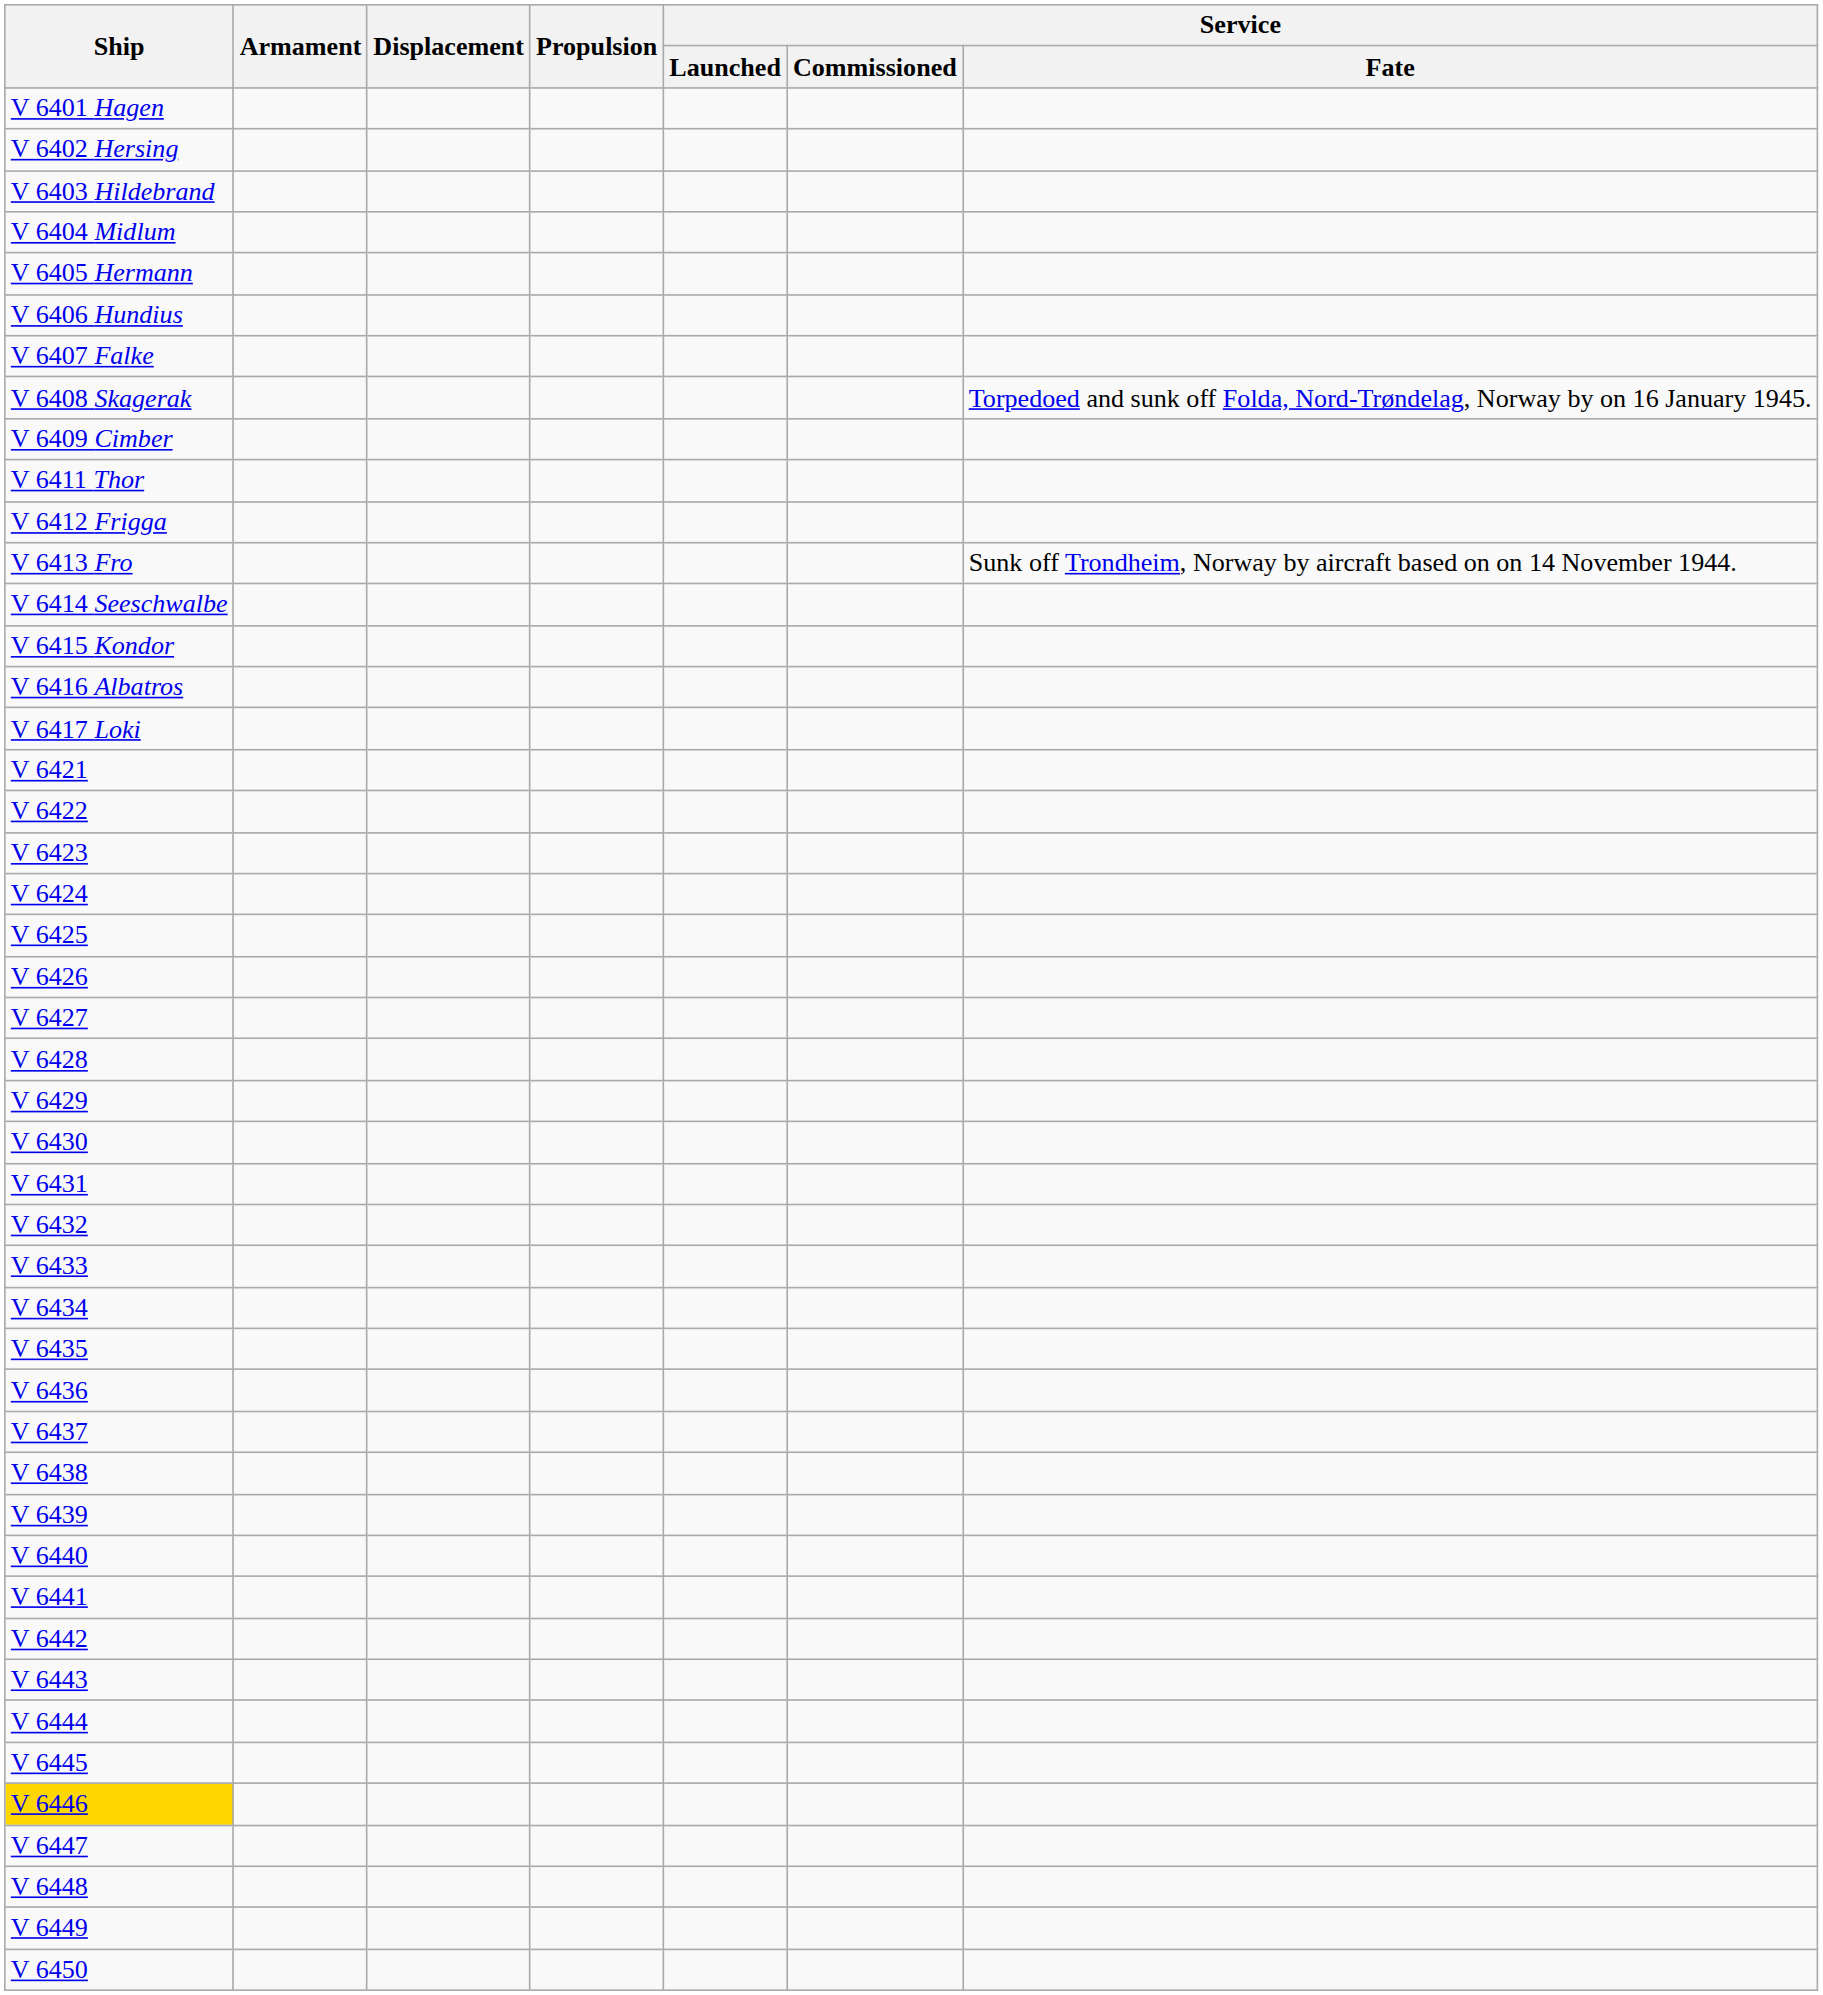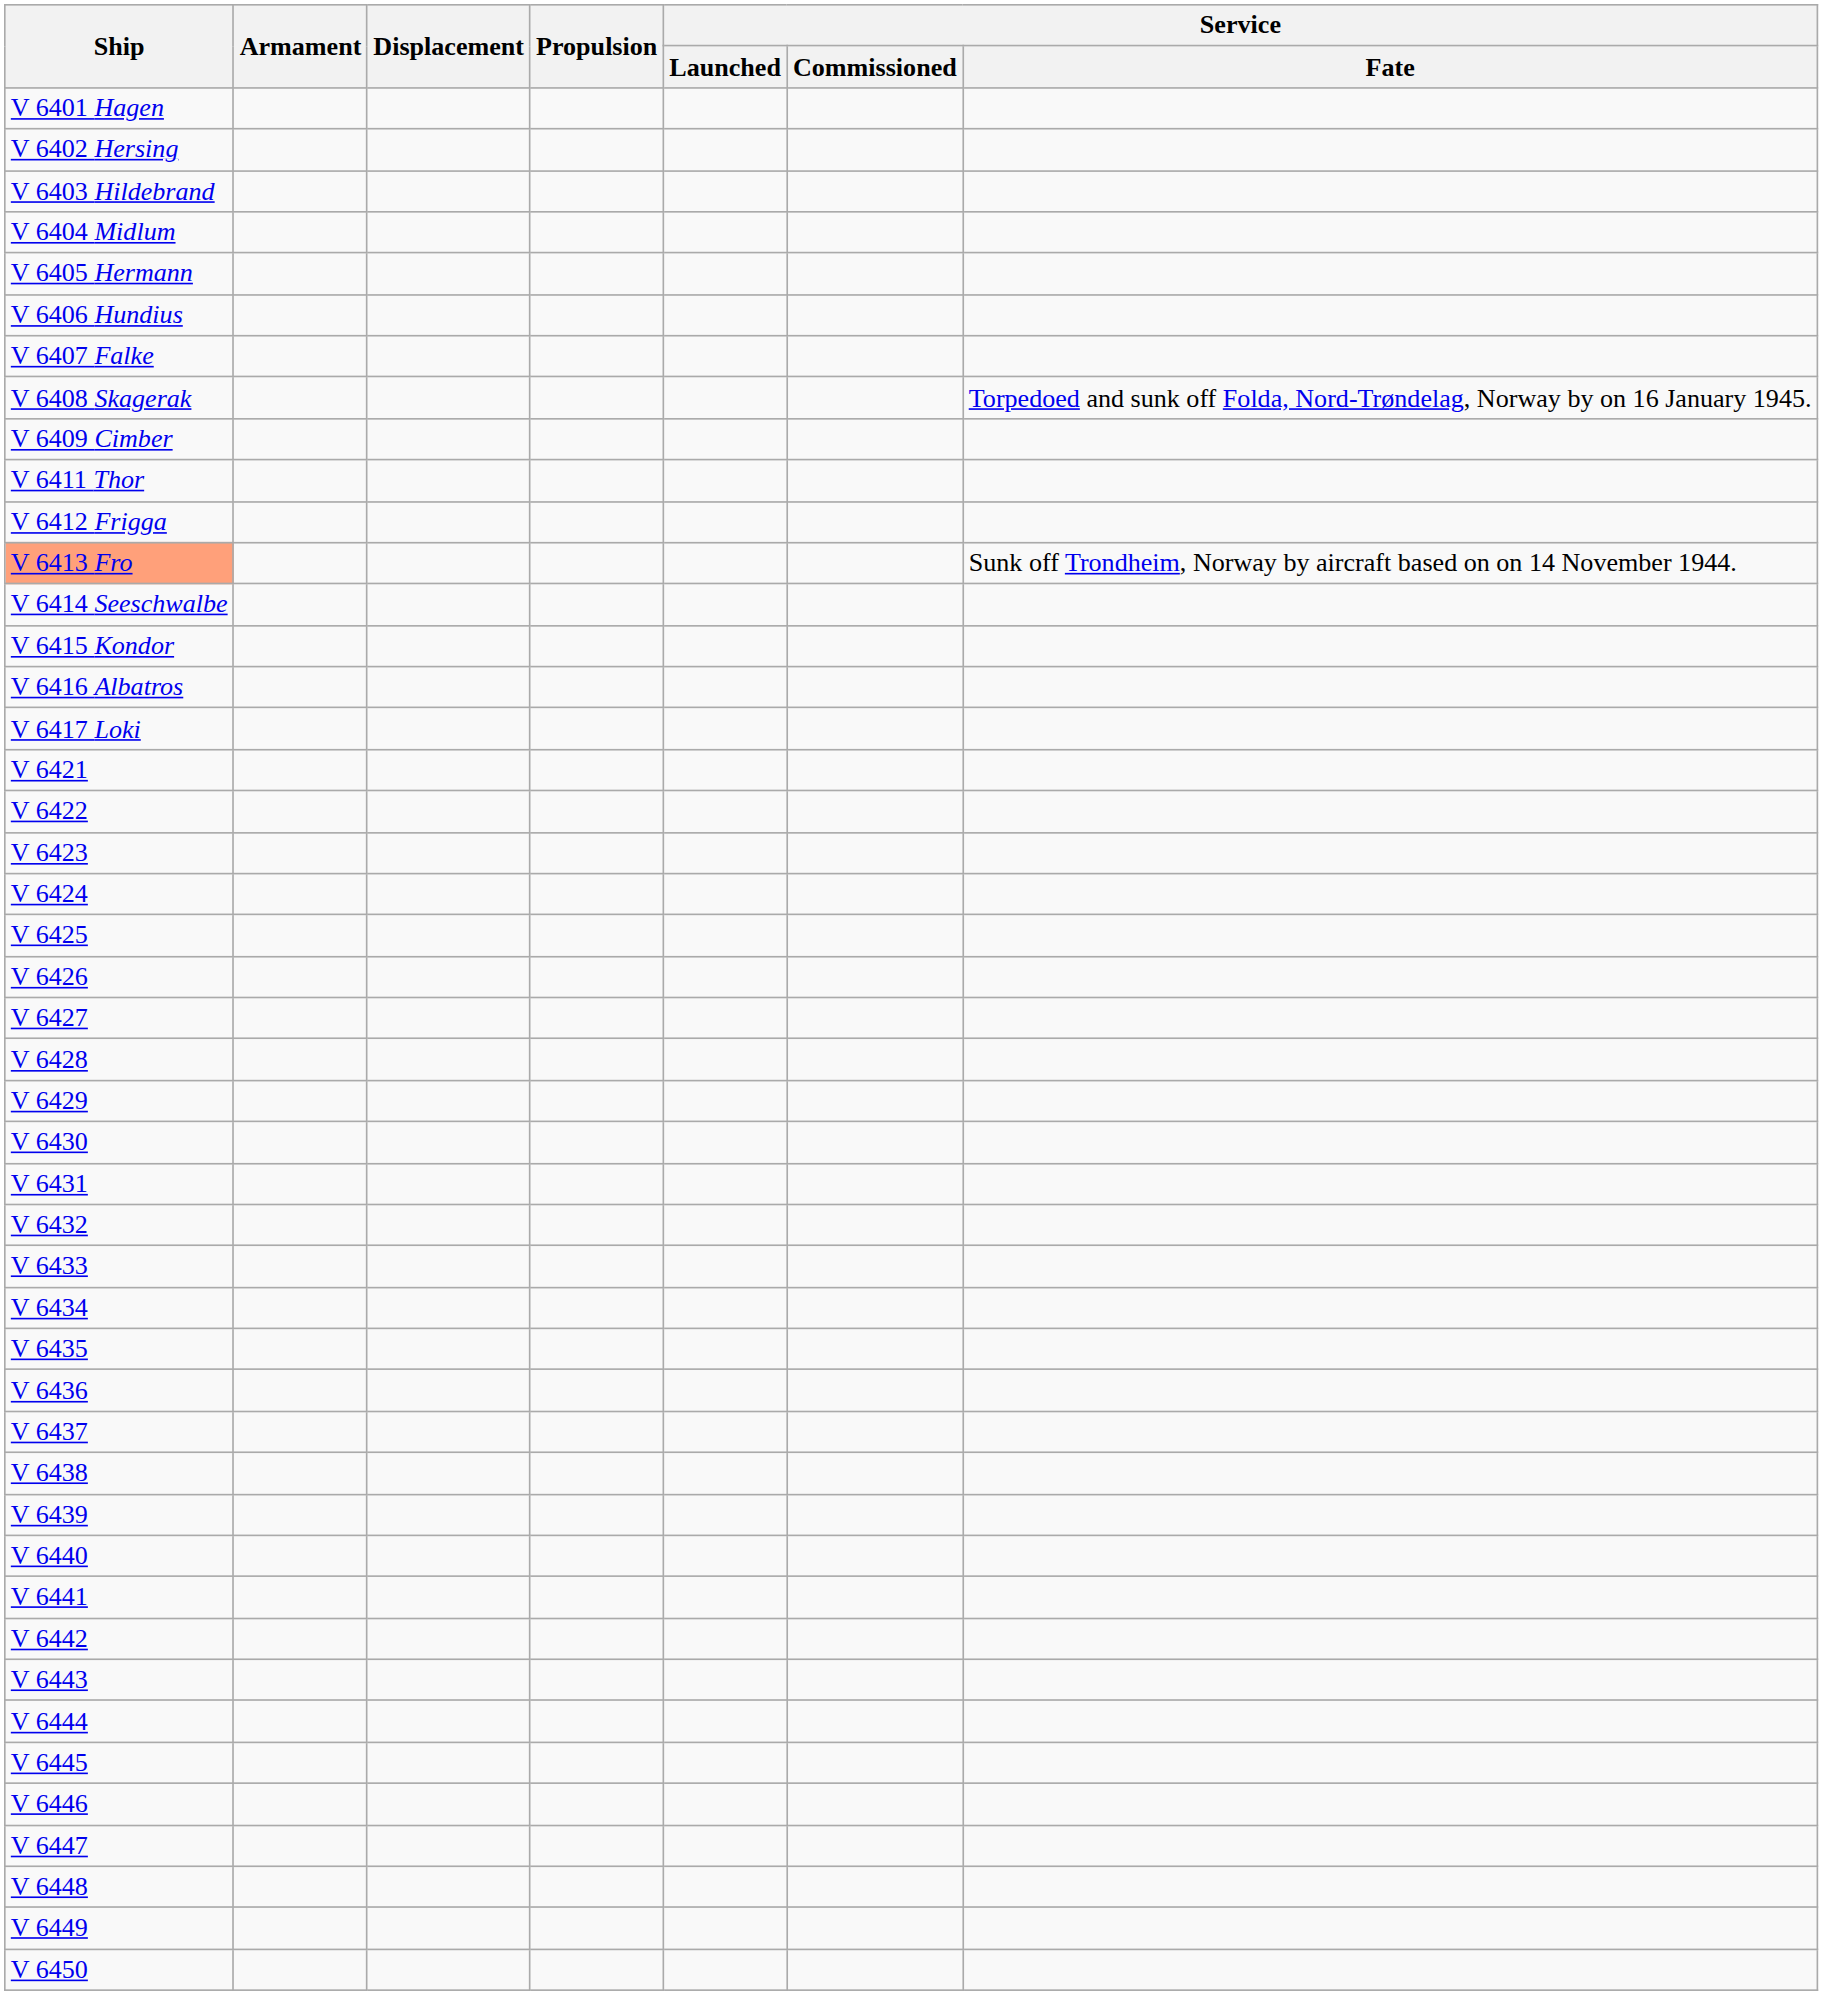 <table class="wikitable">
 <tr>
 <th rowspan="2">Ship</th>
 <th rowspan="2">Armament</th>
 <th rowspan="2">Displacement</th>
 <th rowspan="2">Propulsion</th>
 <th colspan="3">Service</th>
 </tr>
 <tr>
 <th>Launched</th>
 <th>Commissioned</th>
 <th>Fate</th>
 </tr>
 <tr>
 <td><a href='#'>V 6401 <em>Hagen</em></a></td>
 <td></td>
 <td></td>
 <td></td>
 <td></td>
 <td></td>
 <td></td>
 </tr>
 <tr>
 <td><a href='#'>V 6402 <em>Hersing</em></a></td>
 <td></td>
 <td></td>
 <td></td>
 <td></td>
 <td></td>
 <td></td>
 </tr>
 <tr>
 <td><a href='#'>V 6403 <em>Hildebrand</em></a></td>
 <td></td>
 <td></td>
 <td></td>
 <td></td>
 <td></td>
 <td></td>
 </tr>
 <tr>
 <td><a href='#'>V 6404 <em>Midlum</em></a></td>
 <td></td>
 <td></td>
 <td></td>
 <td></td>
 <td></td>
 <td></td>
 </tr>
 <tr>
 <td><a href='#'>V 6405 <em>Hermann</em></a></td>
 <td></td>
 <td></td>
 <td></td>
 <td></td>
 <td></td>
 <td></td>
 </tr>
 <tr>
 <td><a href='#'>V 6406 <em>Hundius</em></a></td>
 <td></td>
 <td></td>
 <td></td>
 <td></td>
 <td></td>
 <td></td>
 </tr>
 <tr>
 <td><a href='#'>V 6407 <em>Falke</em></a></td>
 <td></td>
 <td></td>
 <td></td>
 <td></td>
 <td></td>
 <td></td>
 </tr>
 <tr>
 <td><a href='#'>V 6408 <em>Skagerak</em></a></td>
 <td></td>
 <td></td>
 <td></td>
 <td></td>
 <td></td>
 <td><a href='#'>Torpedoed</a> and sunk off <a href='#'>Folda, Nord-Trøndelag</a>, Norway by  on 16 January 1945.</td>
 </tr>
 <tr>
 <td><a href='#'>V 6409 <em>Cimber</em></a></td>
 <td></td>
 <td></td>
 <td></td>
 <td></td>
 <td></td>
 <td></td>
 </tr>
 <tr>
 <td><a href='#'>V 6411 <em>Thor</em></a></td>
 <td></td>
 <td></td>
 <td></td>
 <td></td>
 <td></td>
 <td></td>
 </tr>
 <tr>
 <td><a href='#'>V 6412 <em>Frigga</em></a></td>
 <td></td>
 <td></td>
 <td></td>
 <td></td>
 <td></td>
 <td></td>
 </tr>
 <tr>
-<td><a href='#'>V 6413 <em>Fro</em></a></td>
+<td style="background: lightsalmon;"><a href='#'>V 6413 <em>Fro</em></a></td>
 <td></td>
 <td></td>
 <td></td>
 <td></td>
 <td></td>
 <td>Sunk off <a href='#'>Trondheim</a>, Norway by aircraft based on  on 14 November 1944.</td>
 </tr>
 <tr>
 <td><a href='#'>V 6414 <em>Seeschwalbe</em></a></td>
 <td></td>
 <td></td>
 <td></td>
 <td></td>
 <td></td>
 <td></td>
 </tr>
 <tr>
 <td><a href='#'>V 6415 <em>Kondor</em></a></td>
 <td></td>
 <td></td>
 <td></td>
 <td></td>
 <td></td>
 <td></td>
 </tr>
 <tr>
 <td><a href='#'>V 6416 <em>Albatros</em></a></td>
 <td></td>
 <td></td>
 <td></td>
 <td></td>
 <td></td>
 <td></td>
 </tr>
 <tr>
 <td><a href='#'>V 6417 <em>Loki</em></a></td>
 <td></td>
 <td></td>
 <td></td>
 <td></td>
 <td></td>
 <td></td>
 </tr>
 <tr>
 <td><a href='#'>V 6421</a></td>
 <td></td>
 <td></td>
 <td></td>
 <td></td>
 <td></td>
 <td></td>
 </tr>
 <tr>
 <td><a href='#'>V 6422</a></td>
 <td></td>
 <td></td>
 <td></td>
 <td></td>
 <td></td>
 <td></td>
 </tr>
 <tr>
 <td><a href='#'>V 6423</a></td>
 <td></td>
 <td></td>
 <td></td>
 <td></td>
 <td></td>
 <td></td>
 </tr>
 <tr>
 <td><a href='#'>V 6424</a></td>
 <td></td>
 <td></td>
 <td></td>
 <td></td>
 <td></td>
 <td></td>
 </tr>
 <tr>
 <td><a href='#'>V 6425</a></td>
 <td></td>
 <td></td>
 <td></td>
 <td></td>
 <td></td>
 <td></td>
 </tr>
 <tr>
 <td><a href='#'>V 6426</a></td>
 <td></td>
 <td></td>
 <td></td>
 <td></td>
 <td></td>
 <td></td>
 </tr>
 <tr>
 <td><a href='#'>V 6427</a></td>
 <td></td>
 <td></td>
 <td></td>
 <td></td>
 <td></td>
 <td></td>
 </tr>
 <tr>
 <td><a href='#'>V 6428</a></td>
 <td></td>
 <td></td>
 <td></td>
 <td></td>
 <td></td>
 <td></td>
 </tr>
 <tr>
 <td><a href='#'>V 6429</a></td>
 <td></td>
 <td></td>
 <td></td>
 <td></td>
 <td></td>
 <td></td>
 </tr>
 <tr>
 <td><a href='#'>V 6430</a></td>
 <td></td>
 <td></td>
 <td></td>
 <td></td>
 <td></td>
 <td></td>
 </tr>
 <tr>
 <td><a href='#'>V 6431</a></td>
 <td></td>
 <td></td>
 <td></td>
 <td></td>
 <td></td>
 <td></td>
 </tr>
 <tr>
 <td><a href='#'>V 6432</a></td>
 <td></td>
 <td></td>
 <td></td>
 <td></td>
 <td></td>
 <td></td>
 </tr>
 <tr>
 <td><a href='#'>V 6433</a></td>
 <td></td>
 <td></td>
 <td></td>
 <td></td>
 <td></td>
 <td></td>
 </tr>
 <tr>
 <td><a href='#'>V 6434</a></td>
 <td></td>
 <td></td>
 <td></td>
 <td></td>
 <td></td>
 <td></td>
 </tr>
 <tr>
 <td><a href='#'>V 6435</a></td>
 <td></td>
 <td></td>
 <td></td>
 <td></td>
 <td></td>
 <td></td>
 </tr>
 <tr>
 <td><a href='#'>V 6436</a></td>
 <td></td>
 <td></td>
 <td></td>
 <td></td>
 <td></td>
 <td></td>
 </tr>
 <tr>
 <td><a href='#'>V 6437</a></td>
 <td></td>
 <td></td>
 <td></td>
 <td></td>
 <td></td>
 <td></td>
 </tr>
 <tr>
 <td><a href='#'>V 6438</a></td>
 <td></td>
 <td></td>
 <td></td>
 <td></td>
 <td></td>
 <td></td>
 </tr>
 <tr>
 <td><a href='#'>V 6439</a></td>
 <td></td>
 <td></td>
 <td></td>
 <td></td>
 <td></td>
 <td></td>
 </tr>
 <tr>
 <td><a href='#'>V 6440</a></td>
 <td></td>
 <td></td>
 <td></td>
 <td></td>
 <td></td>
 <td></td>
 </tr>
 <tr>
 <td><a href='#'>V 6441</a></td>
 <td></td>
 <td></td>
 <td></td>
 <td></td>
 <td></td>
 <td></td>
 </tr>
 <tr>
 <td><a href='#'>V 6442</a></td>
 <td></td>
 <td></td>
 <td></td>
 <td></td>
 <td></td>
 <td></td>
 </tr>
 <tr>
 <td><a href='#'>V 6443</a></td>
 <td></td>
 <td></td>
 <td></td>
 <td></td>
 <td></td>
 <td></td>
 </tr>
 <tr>
 <td><a href='#'>V 6444</a></td>
 <td></td>
 <td></td>
 <td></td>
 <td></td>
 <td></td>
 <td></td>
 </tr>
 <tr>
 <td><a href='#'>V 6445</a></td>
 <td></td>
 <td></td>
 <td></td>
 <td></td>
 <td></td>
 <td></td>
 </tr>
 <tr>
-<td style="background: gold;"><a href='#'>V 6446</a></td>
+<td><a href='#'>V 6446</a></td>
 <td></td>
 <td></td>
 <td></td>
 <td></td>
 <td></td>
 <td></td>
 </tr>
 <tr>
 <td><a href='#'>V 6447</a></td>
 <td></td>
 <td></td>
 <td></td>
 <td></td>
 <td></td>
 <td></td>
 </tr>
 <tr>
 <td><a href='#'>V 6448</a></td>
 <td></td>
 <td></td>
 <td></td>
 <td></td>
 <td></td>
 <td></td>
 </tr>
 <tr>
 <td><a href='#'>V 6449</a></td>
 <td></td>
 <td></td>
 <td></td>
 <td></td>
 <td></td>
 <td></td>
 </tr>
 <tr>
 <td><a href='#'>V 6450</a></td>
 <td></td>
 <td></td>
 <td></td>
 <td></td>
 <td></td>
 <td></td>
 </tr>
 </table>
